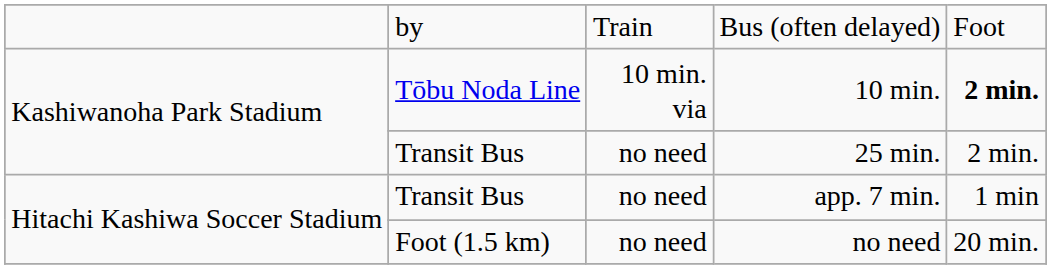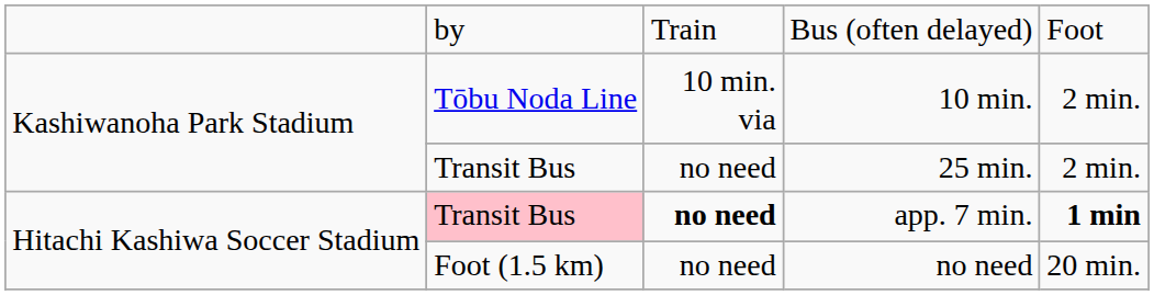 <table class="wikitable">
 <tr>
 <td> </td>
 <td>by</td>
 <td>Train</td>
 <td>Bus (often delayed)</td>
 <td>Foot</td>
 </tr>
 <tr>
 <td rowspan="2" style="text-align: left">Kashiwanoha Park Stadium</td>
 <td><a href='#'>Tōbu Noda Line</a></td>
 <td style="text-align: right">10 min.　<br> via </td>
 <td style="text-align: right">10 min.</td>
-<td style="text-align: right"><strong>2 min.</strong></td>
+<td style="text-align: right">2 min.</td>
 </tr>
 <tr>
 <td>Transit Bus</td>
 <td style="text-align: right">no need</td>
 <td style="text-align: right">25 min.</td>
 <td style="text-align: right">2 min.</td>
 </tr>
 <tr>
 <td rowspan="2" style="text-align: left">Hitachi Kashiwa Soccer Stadium</td>
-<td>Transit Bus</td>
-<td style="text-align: right">no need</td>
+<td style="background: pink;">Transit Bus</td>
+<td style="text-align: right"><strong>no need</strong></td>
 <td style="text-align: right">app. 7 min.</td>
-<td style="text-align: right">1 min</td>
+<td style="text-align: right"><strong>1 min</strong></td>
 </tr>
 <tr>
 <td>Foot (1.5 km)</td>
 <td style="text-align: right">no need</td>
 <td style="text-align: right">no need</td>
 <td style="text-align: right">20 min.</td>
 </tr>
 </table>
